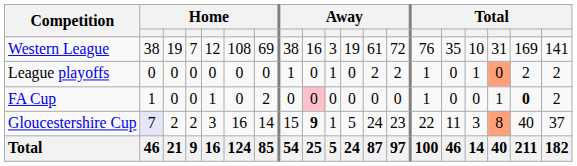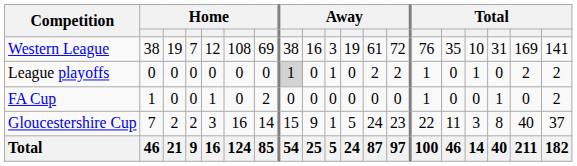 <table class="wikitable" style="text-align:center;">
 <tr>
 <th rowspan="2">Competition</th>
 <th colspan="6" style="border-right:3px solid grey;">Home</th>
 <th colspan="6" style="border-right:3px solid grey;">Away</th>
 <th colspan="6">Total</th>
 </tr>
 <tr>
 <th></th>
 <th></th>
 <th></th>
 <th></th>
 <th></th>
 <th style="border-right:3px solid grey;"></th>
 <th></th>
 <th></th>
 <th></th>
 <th></th>
 <th></th>
 <th style="border-right:3px solid grey;"></th>
 <th></th>
 <th></th>
 <th></th>
 <th></th>
 <th></th>
 <th></th>
 </tr>
 <tr>
 <td style="text-align:left;"><a href='#'>Western League</a></td>
 <td>38</td>
 <td>19</td>
 <td>7</td>
 <td>12</td>
 <td>108</td>
 <td style="border-right:3px solid grey;">69</td>
 <td>38</td>
 <td>16</td>
 <td>3</td>
 <td>19</td>
 <td>61</td>
 <td style="border-right:3px solid grey;">72</td>
 <td>76</td>
 <td>35</td>
 <td>10</td>
 <td>31</td>
 <td>169</td>
 <td>141</td>
 </tr>
 <tr>
 <td style="text-align:left;">League <a href='#'>playoffs</a></td>
 <td>0</td>
 <td>0</td>
 <td>0</td>
 <td>0</td>
 <td>0</td>
 <td style="border-right:3px solid grey;">0</td>
-<td>1</td>
+<td style="background: lightgrey;">1</td>
 <td>0</td>
 <td>1</td>
 <td>0</td>
 <td>2</td>
 <td style="border-right:3px solid grey;">2</td>
 <td>1</td>
 <td>0</td>
 <td>1</td>
-<td style="background: lightsalmon;">0</td>
+<td>0</td>
 <td>2</td>
 <td>2</td>
 </tr>
 <tr>
 <td style="text-align:left;"><a href='#'>FA Cup</a></td>
 <td>1</td>
 <td>0</td>
 <td>0</td>
 <td>1</td>
 <td>0</td>
 <td style="border-right:3px solid grey;">2</td>
 <td>0</td>
-<td style="background: pink;">0</td>
+<td>0</td>
 <td>0</td>
 <td>0</td>
 <td>0</td>
 <td style="border-right:3px solid grey;">0</td>
 <td>1</td>
 <td>0</td>
 <td>0</td>
 <td>1</td>
-<td><strong>0</strong></td>
+<td>0</td>
 <td>2</td>
 </tr>
 <tr>
 <td style="text-align:left;"><a href='#'>Gloucestershire Cup</a></td>
-<td style="background: lavender;">7</td>
+<td>7</td>
 <td>2</td>
 <td>2</td>
 <td>3</td>
 <td>16</td>
 <td style="border-right:3px solid grey;">14</td>
 <td>15</td>
-<td><strong>9</strong></td>
+<td>9</td>
 <td>1</td>
 <td>5</td>
 <td>24</td>
 <td style="border-right:3px solid grey;">23</td>
 <td>22</td>
 <td>11</td>
 <td>3</td>
-<td style="background: lightsalmon;">8</td>
+<td>8</td>
 <td>40</td>
 <td>37</td>
 </tr>
 <tr>
 <th style="text-align:left;">Total</th>
 <th>46</th>
 <th>21</th>
 <th>9</th>
 <th>16</th>
 <th>124</th>
 <th style="border-right:3px solid grey;">85</th>
 <th>54</th>
 <th>25</th>
 <th>5</th>
 <th>24</th>
 <th>87</th>
 <th style="border-right:3px solid grey;">97</th>
 <th>100</th>
 <th>46</th>
 <th>14</th>
 <th>40</th>
 <th>211</th>
 <th>182</th>
 </tr>
 </table>
